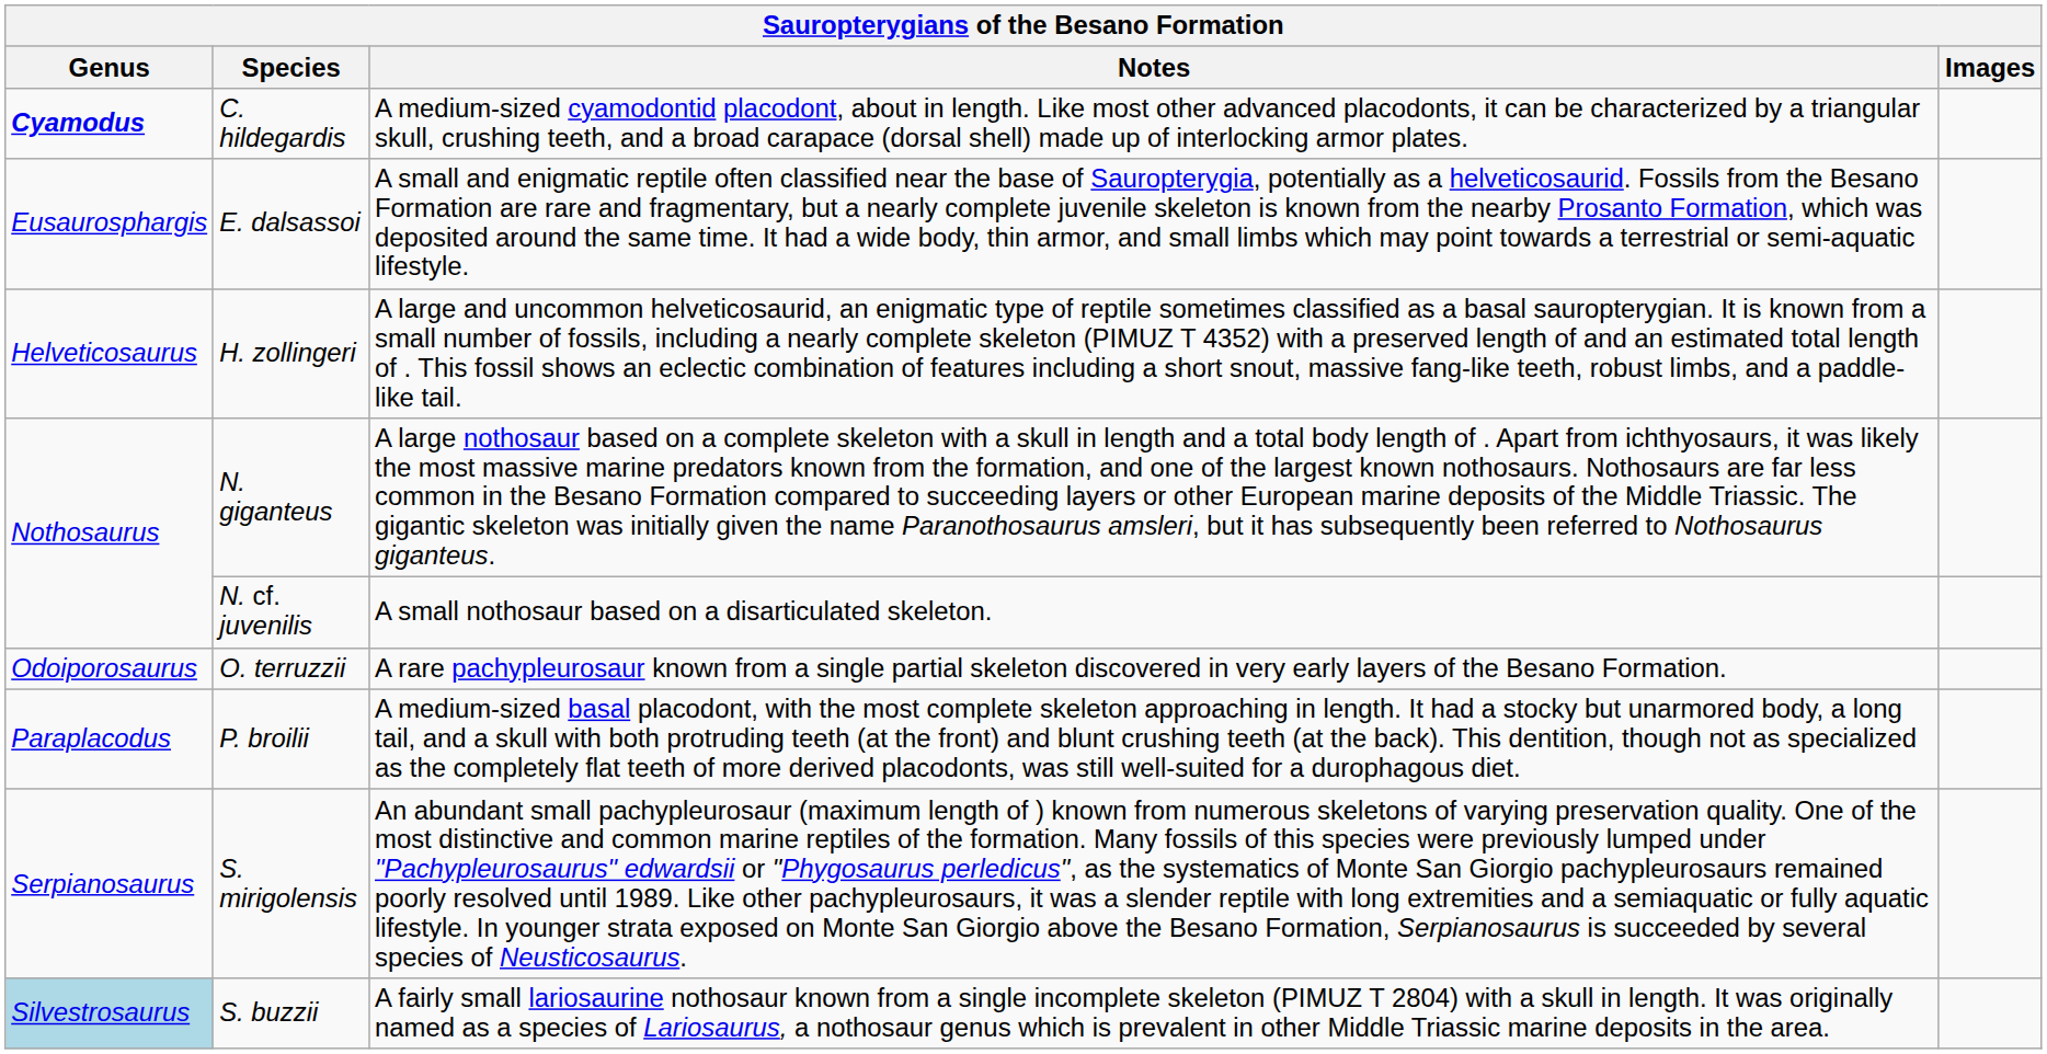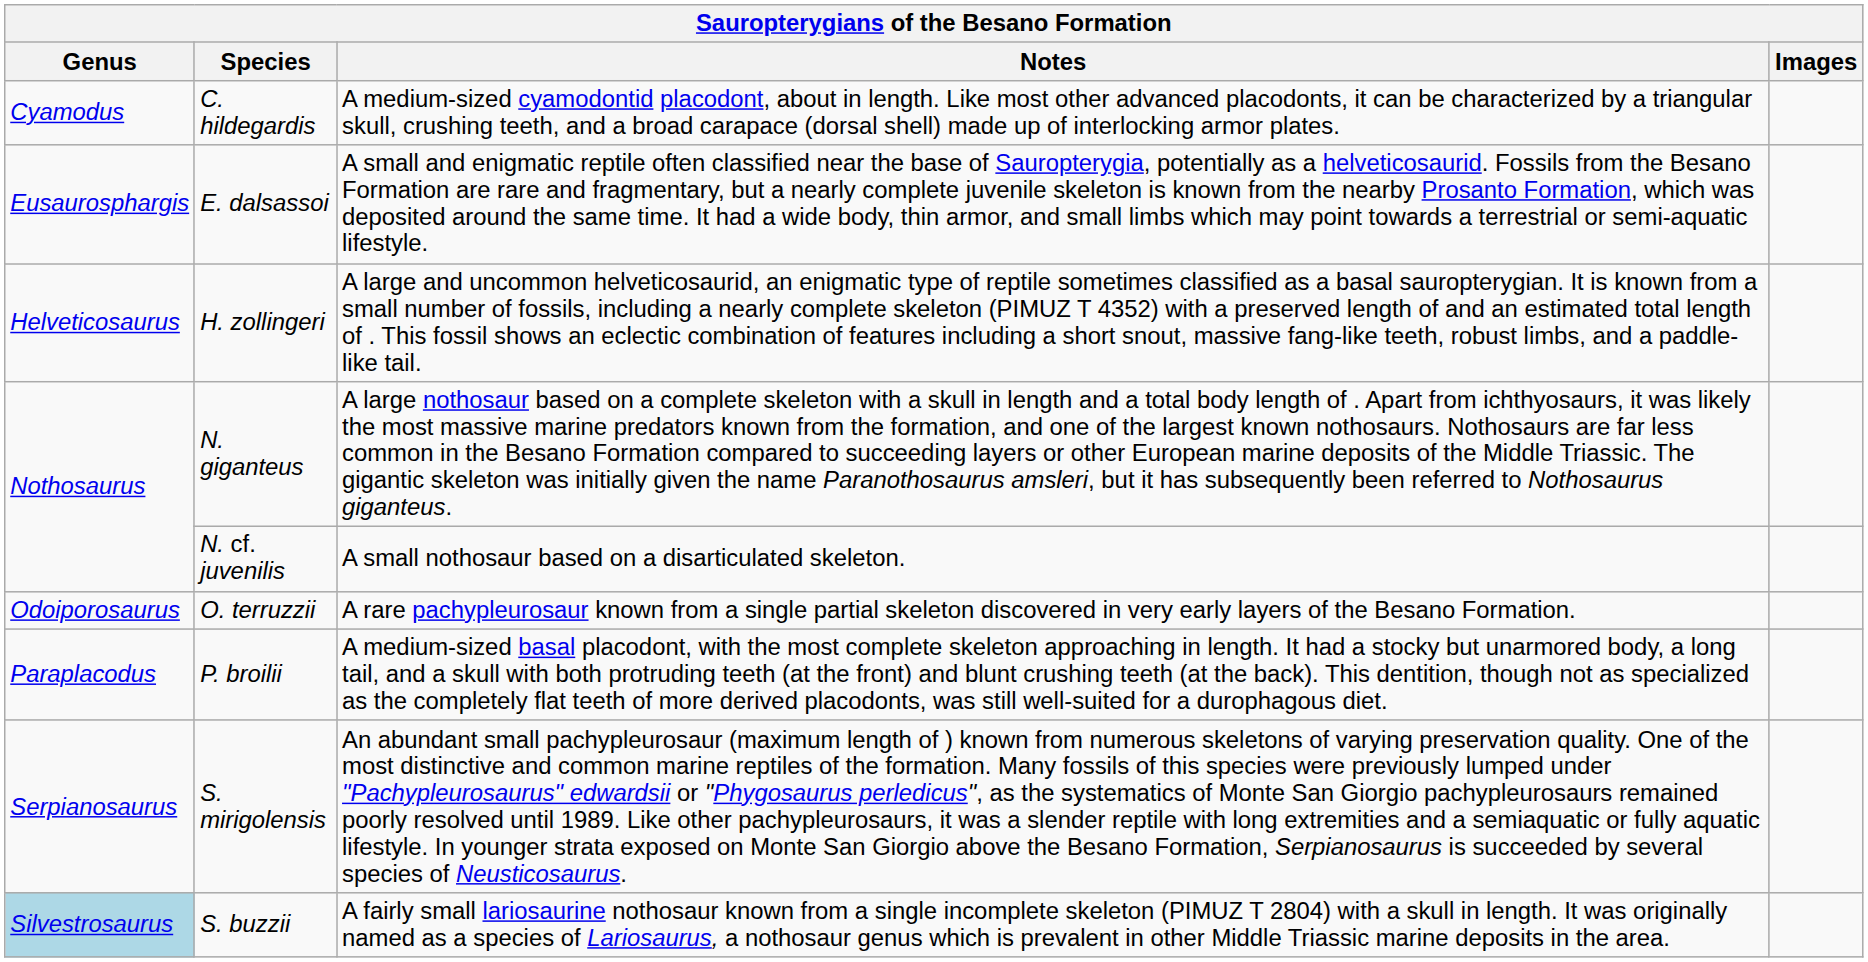 <table class="wikitable" align="center">
 <tr>
 <th colspan="4" align="center"><strong><a href='#'>Sauropterygians</a> of the Besano Formation</strong></th>
 </tr>
 <tr>
 <th>Genus</th>
 <th>Species</th>
 <th>Notes</th>
 <th>Images</th>
 </tr>
 <tr>
-<td><strong><em><a href='#'>Cyamodus</a></em></strong></td>
+<td><em><a href='#'>Cyamodus</a></em></td>
 <td><em>C. hildegardis</em></td>
 <td>A medium-sized <a href='#'>cyamodontid</a> <a href='#'>placodont</a>, about  in length. Like most other advanced placodonts, it can be characterized by a triangular skull, crushing teeth, and a broad carapace (dorsal shell) made up of interlocking armor plates.</td>
 <td></td>
 </tr>
 <tr>
 <td><em><a href='#'>Eusaurosphargis</a></em></td>
 <td><em>E. dalsassoi</em></td>
 <td>A small and enigmatic reptile often classified near the base of <a href='#'>Sauropterygia</a>, potentially as a <a href='#'>helveticosaurid</a>. Fossils from the Besano Formation are rare and fragmentary, but a nearly complete juvenile skeleton is known from the nearby <a href='#'>Prosanto Formation</a>, which was deposited around the same time. It had a wide body, thin armor, and small limbs which may point towards a terrestrial or semi-aquatic lifestyle.</td>
 <td></td>
 </tr>
 <tr>
 <td><em><a href='#'>Helveticosaurus</a></em></td>
 <td><em>H. zollingeri</em></td>
 <td>A large and uncommon helveticosaurid, an enigmatic type of reptile sometimes classified as a basal sauropterygian. It is known from a small number of fossils, including a nearly complete skeleton (PIMUZ T 4352) with a preserved length of  and an estimated total length of . This fossil shows an eclectic combination of features including a short snout, massive fang-like teeth, robust limbs, and a paddle-like tail.<em></em></td>
 <td></td>
 </tr>
 <tr>
 <td rowspan="2"><em><a href='#'>Nothosaurus</a></em></td>
 <td><em>N. giganteus</em></td>
 <td>A large <a href='#'>nothosaur</a> based on a complete skeleton with a skull  in length and a total body length of . Apart from ichthyosaurs, it was likely the most massive marine predators known from the formation, and one of the largest known nothosaurs. Nothosaurs are far less common in the Besano Formation compared to succeeding layers or other European marine deposits of the Middle Triassic. The gigantic skeleton was initially given the name <em>Paranothosaurus amsleri</em>, but it has subsequently been referred to <em>Nothosaurus giganteus</em>.</td>
 <td></td>
 </tr>
 <tr>
 <td><em>N.</em> cf. <em>juvenilis</em></td>
 <td>A small nothosaur based on a disarticulated skeleton.</td>
 <td></td>
 </tr>
 <tr>
 <td><em><a href='#'>Odoiporosaurus</a></em></td>
 <td><em>O. terruzzii</em></td>
 <td>A rare <a href='#'>pachypleurosaur</a> known from a single partial skeleton discovered in very early layers of the Besano Formation.<em></em></td>
 <td></td>
 </tr>
 <tr>
 <td><em><a href='#'>Paraplacodus</a></em></td>
 <td><em>P. broilii</em></td>
 <td>A medium-sized <a href='#'>basal</a> placodont, with the most complete skeleton approaching  in length. It had a stocky but unarmored body, a long tail, and a skull with both protruding teeth (at the front) and blunt crushing teeth (at the back). This dentition, though not as specialized as the completely flat teeth of more derived placodonts, was still well-suited for a durophagous diet.</td>
 <td></td>
 </tr>
 <tr>
 <td><em><a href='#'>Serpianosaurus</a></em></td>
 <td><em>S. mirigolensis</em></td>
 <td>An abundant small pachypleurosaur (maximum length of )<em></em> known from numerous skeletons of varying preservation quality. One of the most distinctive and common marine reptiles of the formation. Many fossils of this species were previously lumped under <em><a href='#'>"Pachypleurosaurus" edwardsii</a></em> or <em>"<a href='#'>Phygosaurus perledicus</a>"</em>, as the systematics of Monte San Giorgio pachypleurosaurs remained poorly resolved until 1989.<em></em> Like other pachypleurosaurs, it was a slender reptile with long extremities and a semiaquatic or fully aquatic lifestyle. In younger strata exposed on Monte San Giorgio above the Besano Formation, <em>Serpianosaurus</em> is succeeded by several species of <em><a href='#'>Neusticosaurus</a></em>.<em></em></td>
 <td></td>
 </tr>
 <tr>
 <td style="background: lightblue;"><em><a href='#'>Silvestrosaurus</a></em></td>
 <td><em>S. buzzii</em></td>
 <td>A fairly small <a href='#'>lariosaurine</a> nothosaur known from a single incomplete skeleton (PIMUZ T 2804) with a skull  in length.<em></em> It was originally named as a species of <em><a href='#'>Lariosaurus</a>,</em> a nothosaur genus which is prevalent in other Middle Triassic marine deposits in the area.<em></em></td>
 <td></td>
 </tr>
 </table>
